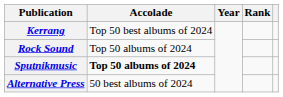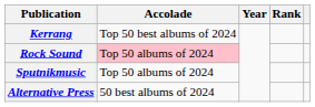 <table class="sortable wikitable plainrowheaders">
 <tr>
 <th>Publication</th>
 <th>Accolade</th>
 <th>Year</th>
 <th>Rank</th>
 <th class="unsortable"></th>
 </tr>
 <tr>
 <th scope="row"><em><a href='#'>Kerrang</a></em></th>
 <td>Top 50 best albums of 2024</td>
 <td rowspan="4"></td>
 <td></td>
 <td></td>
 </tr>
 <tr>
 <th scope="row"><em><a href='#'>Rock Sound</a></em></th>
-<td>Top 50 albums of 2024</td>
+<td style="background: pink;">Top 50 albums of 2024</td>
 <td></td>
 <td></td>
 </tr>
 <tr>
 <th scope="row"><em><a href='#'>Sputnikmusic</a></em></th>
-<td><strong>Top 50 albums of 2024</strong></td>
+<td>Top 50 albums of 2024</td>
 <td></td>
 <td></td>
 </tr>
 <tr>
 <th scope="row"><em><a href='#'>Alternative Press</a></em></th>
 <td>50 best albums of 2024</td>
 <td></td>
 <td></td>
 </tr>
 </table>
